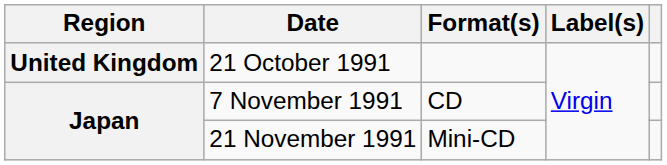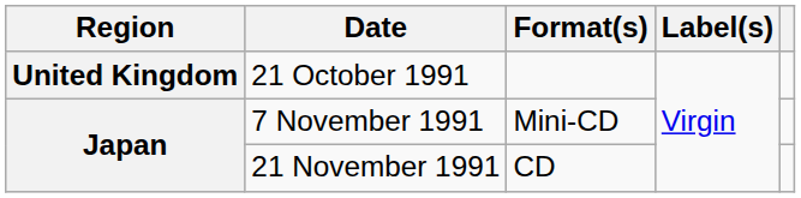 <table class="wikitable plainrowheaders">
 <tr>
 <th scope="col">Region</th>
 <th scope="col">Date</th>
 <th scope="col">Format(s)</th>
 <th scope="col">Label(s)</th>
 <th scope="col"></th>
 </tr>
 <tr>
 <th scope="row">United Kingdom</th>
 <td>21 October 1991</td>
 <td></td>
 <td rowspan="3"><a href='#'>Virgin</a></td>
 <td></td>
 </tr>
 <tr>
 <th scope="row" rowspan="2">Japan</th>
 <td>7 November 1991</td>
-<td>CD</td>
+<td>Mini-CD</td>
 <td></td>
 </tr>
 <tr>
 <td>21 November 1991</td>
-<td>Mini-CD</td>
+<td>CD</td>
 <td></td>
 </tr>
 </table>
